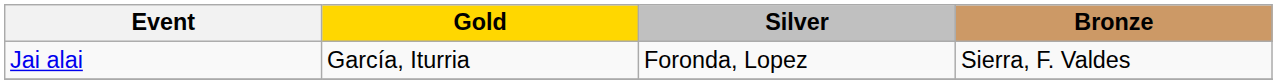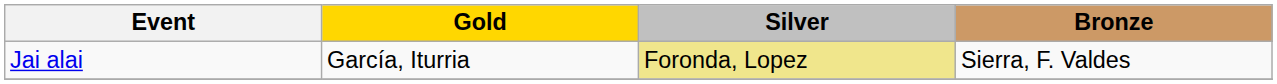 <table class="wikitable" style="max-width: 23cm; width: 100%">
 <tr>
 <th scope="col">Event</th>
 <th scope="col" style="background-color:gold; width:25%">Gold</th>
 <th scope="col" style="background-color:silver; width:25%; width:25%">Silver</th>
 <th scope="col" style="background-color:#cc9966; width:25%">Bronze</th>
 </tr>
 <tr>
 <td><a href='#'>Jai alai</a></td>
 <td> García, Iturria</td>
-<td> Foronda, Lopez</td>
+<td style="background: khaki;"> Foronda, Lopez</td>
 <td> Sierra, F. Valdes</td>
 </tr>
 <tr>
 </tr>
 </table>
